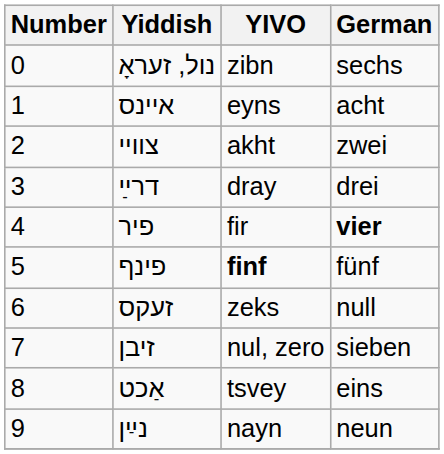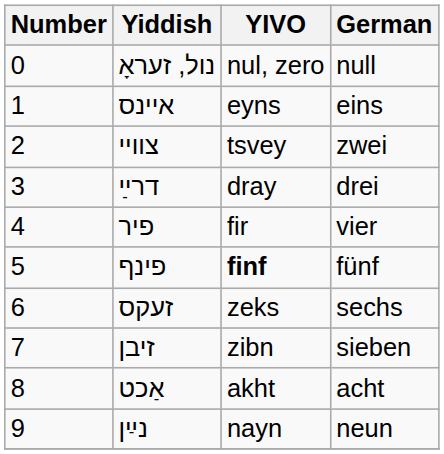 <table class="wikitable zebra" style="float:left; margin-right:1em;">
 <tr>
 <th>Number</th>
 <th>Yiddish</th>
 <th>YIVO</th>
 <th>German</th>
 </tr>
 <tr>
 <td>0</td>
 <td>נול, זעראָ</td>
-<td>zibn</td>
-<td>sechs</td>
+<td>nul, zero</td>
+<td>null</td>
 </tr>
 <tr>
 <td>1</td>
 <td>איינס</td>
 <td>eyns</td>
-<td>acht</td>
+<td>eins</td>
 </tr>
 <tr>
 <td>2</td>
 <td>צוויי</td>
-<td>akht</td>
+<td>tsvey</td>
 <td>zwei</td>
 </tr>
 <tr>
 <td>3</td>
 <td>דרײַ</td>
 <td>dray</td>
 <td>drei</td>
 </tr>
 <tr>
 <td>4</td>
 <td>פיר</td>
 <td>fir</td>
-<td><strong>vier</strong></td>
+<td>vier</td>
 </tr>
 <tr>
 <td>5</td>
 <td>פינף</td>
 <td><strong>finf</strong></td>
 <td>fünf</td>
 </tr>
 <tr>
 <td>6</td>
 <td>זעקס</td>
 <td>zeks</td>
-<td>null</td>
+<td>sechs</td>
 </tr>
 <tr>
 <td>7</td>
 <td>זיבן</td>
-<td>nul, zero</td>
+<td>zibn</td>
 <td>sieben</td>
 </tr>
 <tr>
 <td>8</td>
 <td>אַכט</td>
-<td>tsvey</td>
-<td>eins</td>
+<td>akht</td>
+<td>acht</td>
 </tr>
 <tr>
 <td>9</td>
 <td>נײַן</td>
 <td>nayn</td>
 <td>neun</td>
 </tr>
 <tr>
 </tr>
 </table>
